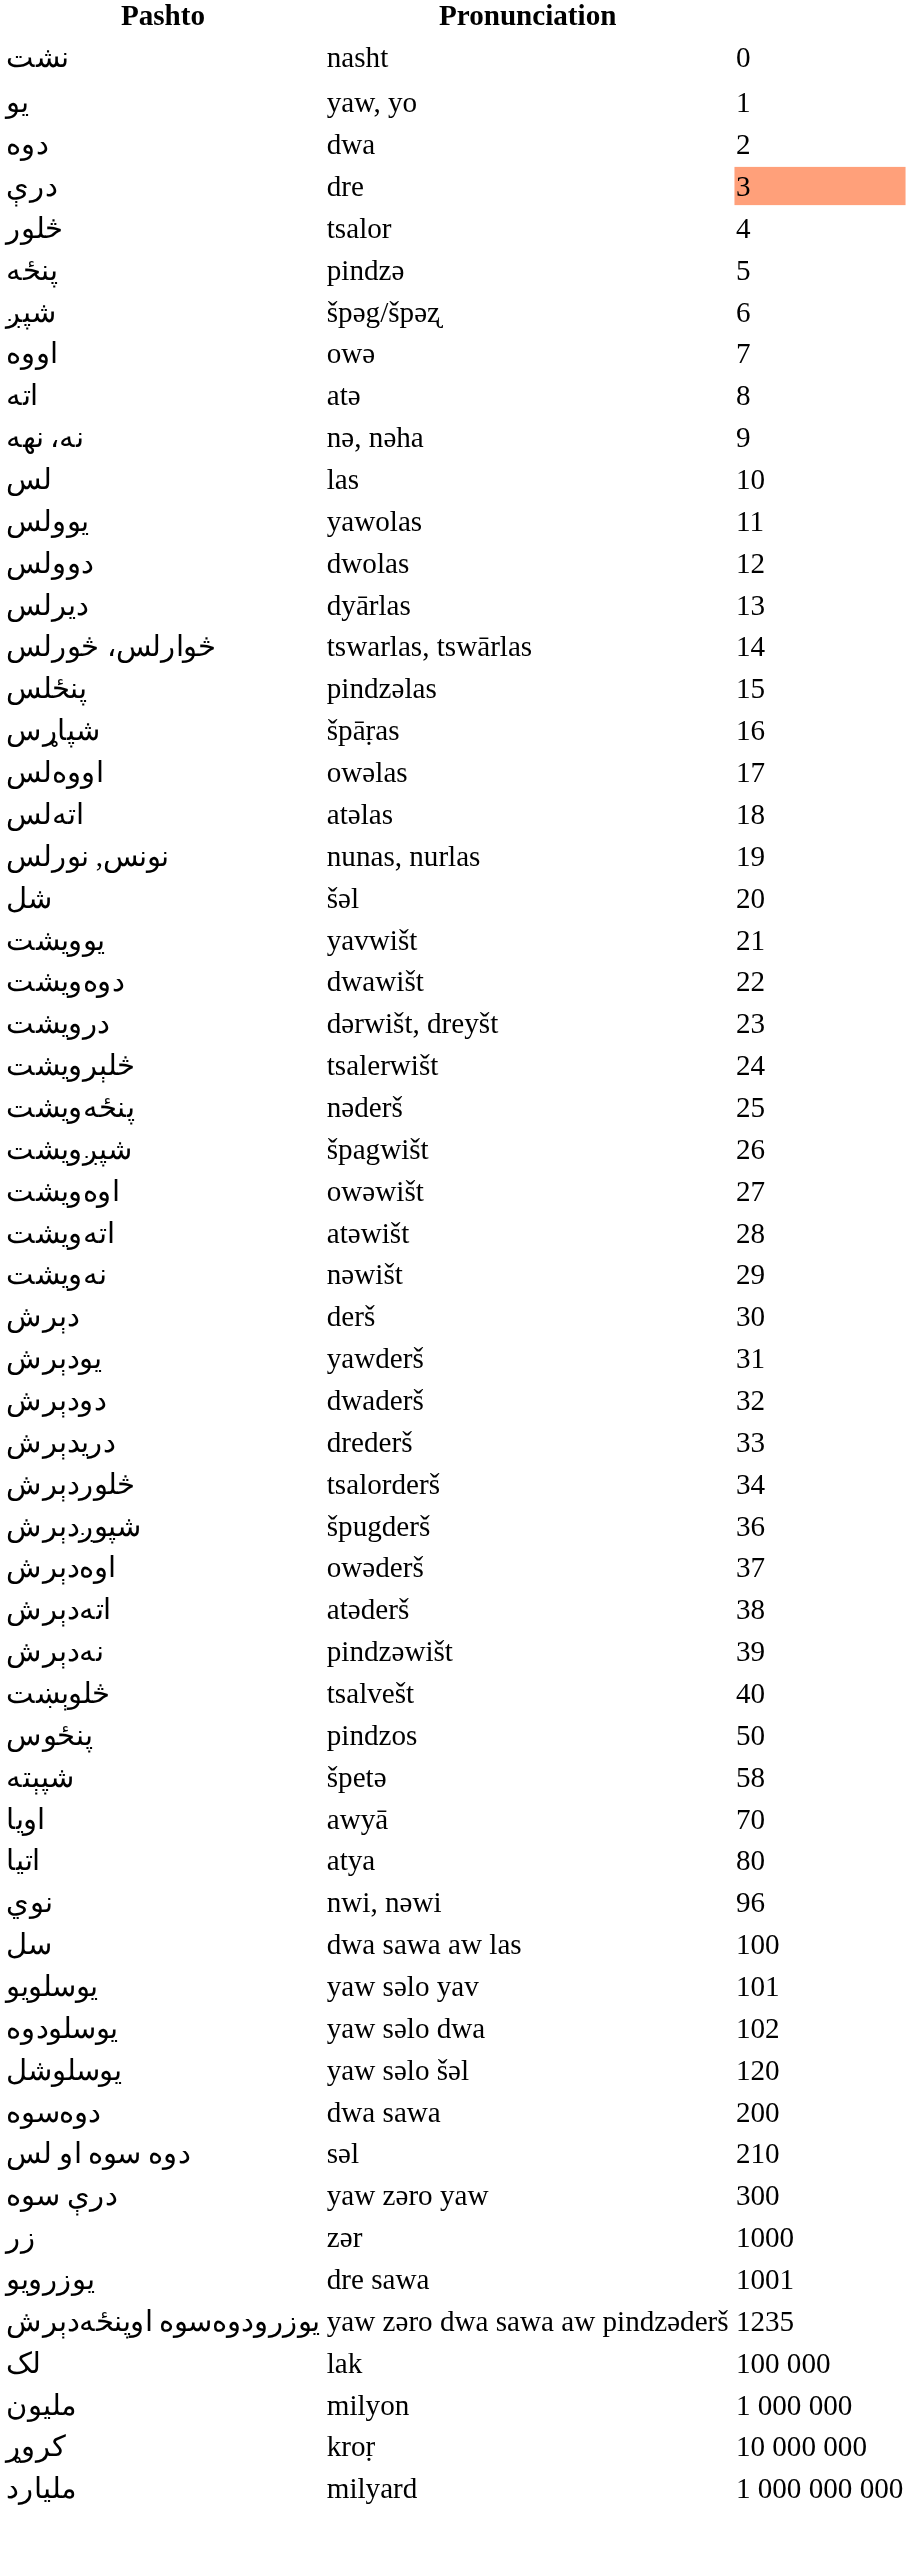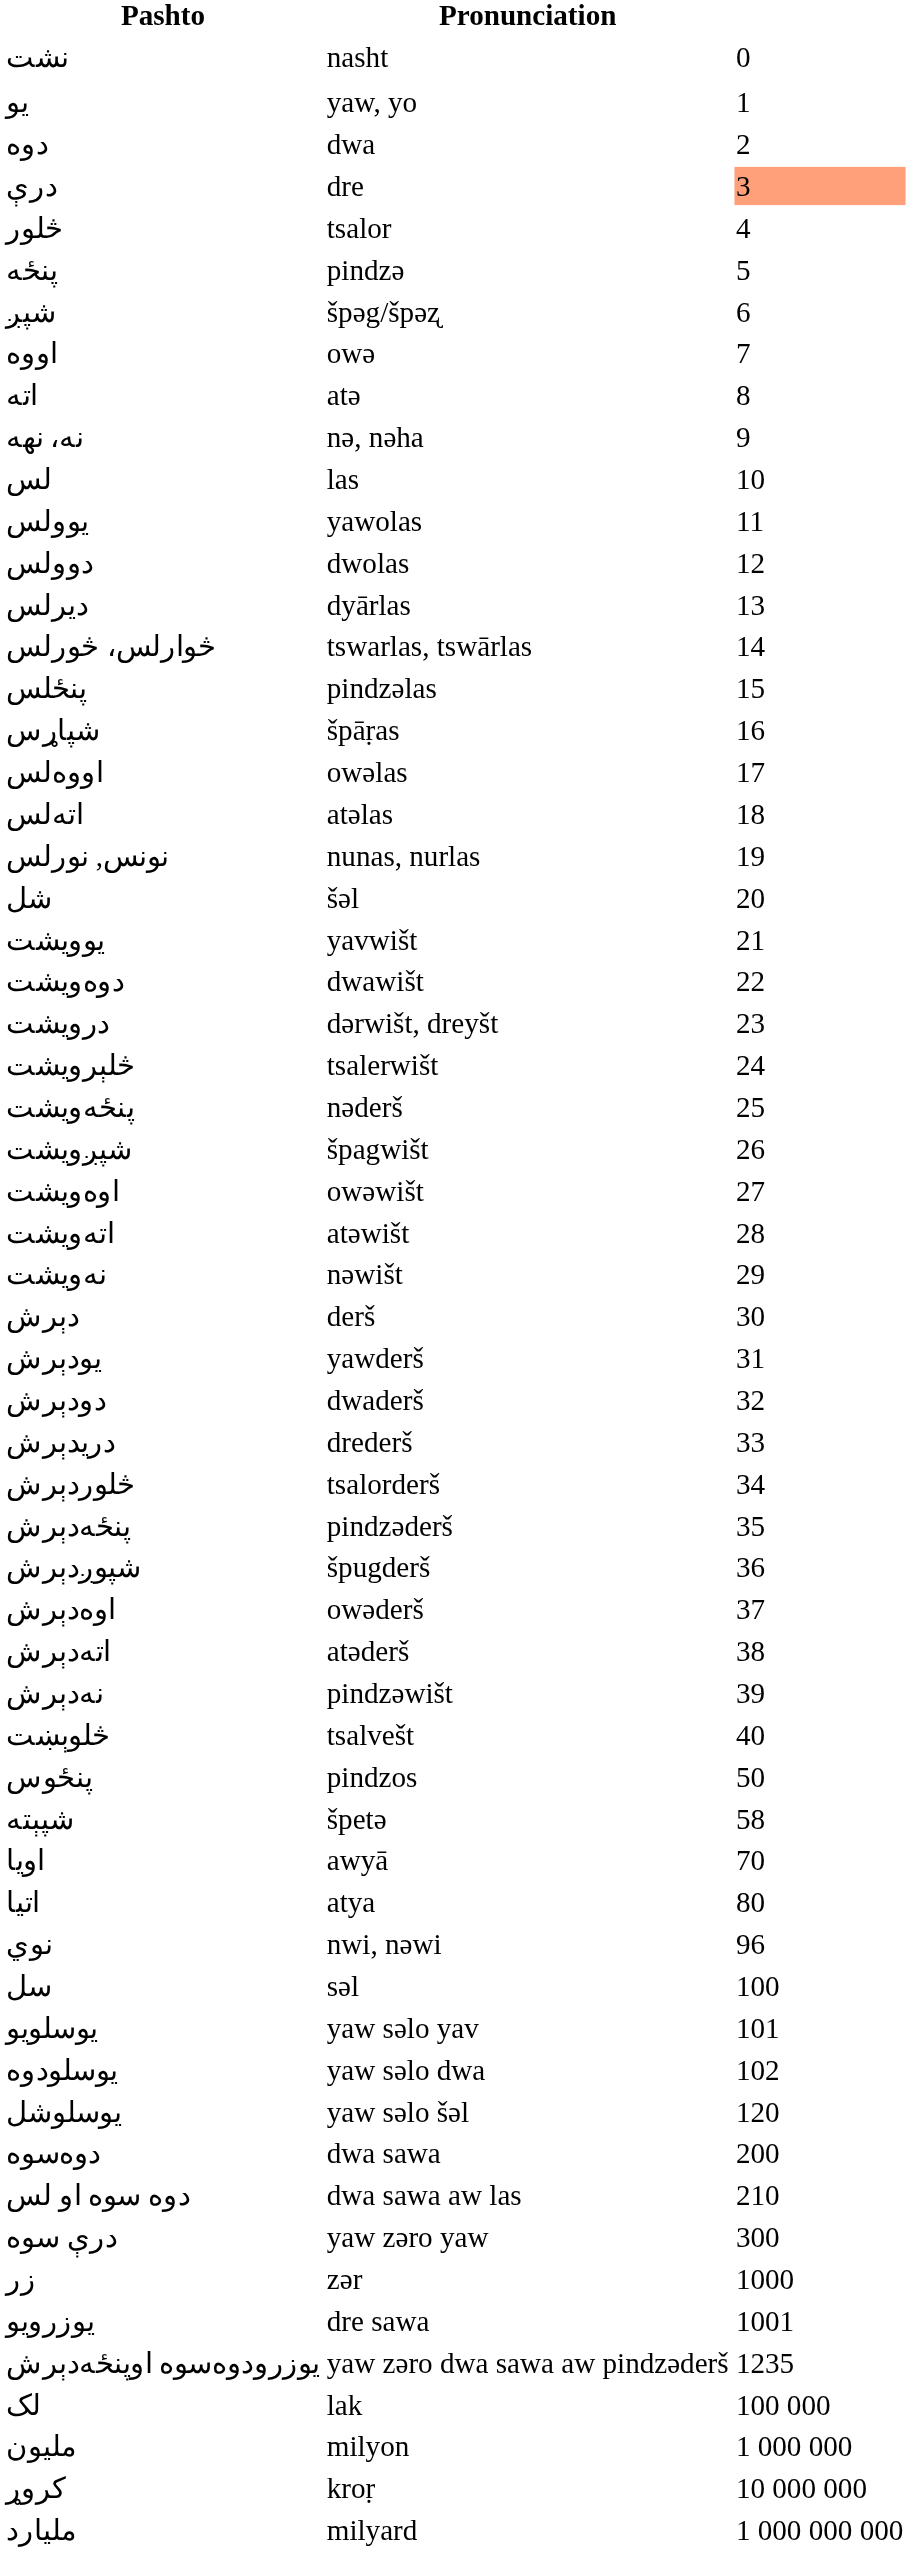 <table class="standard">
 <tr>
 <th>Pashto</th>
 <th>Pronunciation</th>
 <th></th>
 </tr>
 <tr>
 <td>نشت</td>
 <td>nasht</td>
 <td>0</td>
 </tr>
 <tr>
 </tr>
 <tr>
 <td>یو</td>
 <td>yaw, yo</td>
 <td>1</td>
 </tr>
 <tr>
 <td>دوه</td>
 <td>dwa</td>
 <td>2</td>
 </tr>
 <tr>
 <td>درې</td>
 <td>dre</td>
 <td style="background: lightsalmon;">3</td>
 </tr>
 <tr>
 <td>څلور</td>
 <td>tsalor</td>
 <td>4</td>
 </tr>
 <tr>
 <td>پنځه</td>
 <td>pindzə</td>
 <td>5</td>
 </tr>
 <tr>
 <td>شپږ</td>
 <td>špəg/špəʐ</td>
 <td>6</td>
 </tr>
 <tr>
 <td>اووه</td>
 <td>owə</td>
 <td>7</td>
 </tr>
 <tr>
 <td>اته</td>
 <td>atə</td>
 <td>8</td>
 </tr>
 <tr>
 <td>نه، نهه</td>
 <td>nə, nəha</td>
 <td>9</td>
 </tr>
 <tr>
 <td>لس</td>
 <td>las</td>
 <td>10</td>
 </tr>
 <tr>
 <td>یوولس</td>
 <td>yawolas</td>
 <td>11</td>
 </tr>
 <tr>
 <td>دوولس</td>
 <td>dwolas</td>
 <td>12</td>
 </tr>
 <tr>
 <td>دیرلس</td>
 <td>dyārlas</td>
 <td>13</td>
 </tr>
 <tr>
 <td>څوارلس، څورلس</td>
 <td>tswarlas, tswārlas</td>
 <td>14</td>
 </tr>
 <tr>
 <td>پنځلس</td>
 <td>pindzəlas</td>
 <td>15</td>
 </tr>
 <tr>
 <td>شپاړس</td>
 <td>špāṛas</td>
 <td>16</td>
 </tr>
 <tr>
 <td>اووه‌لس</td>
 <td>owəlas</td>
 <td>17</td>
 </tr>
 <tr>
 <td>اته‌لس</td>
 <td>atəlas</td>
 <td>18</td>
 </tr>
 <tr>
 <td>نونس, نورلس</td>
 <td>nunas, nurlas</td>
 <td>19</td>
 </tr>
 <tr>
 <td>شل</td>
 <td>šəl</td>
 <td>20</td>
 </tr>
 <tr>
 <td>یوویشت</td>
 <td>yavwišt</td>
 <td>21</td>
 </tr>
 <tr>
 <td>دوه‌ویشت</td>
 <td>dwawišt</td>
 <td>22</td>
 </tr>
 <tr>
 <td>درویشت</td>
 <td>dərwišt, dreyšt</td>
 <td>23</td>
 </tr>
 <tr>
 <td>څلېرویشت</td>
 <td>tsalerwišt</td>
 <td>24</td>
 </tr>
 <tr>
 <td>پنځه‌ویشت</td>
 <td>nəderš</td>
 <td>25</td>
 </tr>
 <tr>
 <td>شپږویشت</td>
 <td>špagwišt</td>
 <td>26</td>
 </tr>
 <tr>
 <td>اوه‌ویشت</td>
 <td>owəwišt</td>
 <td>27</td>
 </tr>
 <tr>
 <td>اته‌ویشت</td>
 <td>atəwišt</td>
 <td>28</td>
 </tr>
 <tr>
 <td>نه‌ویشت</td>
 <td>nəwišt</td>
 <td>29</td>
 </tr>
 <tr>
 <td>دېرش</td>
 <td>derš</td>
 <td>30</td>
 </tr>
 <tr>
 <td>یودېرش</td>
 <td>yawderš</td>
 <td>31</td>
 </tr>
 <tr>
 <td>دودېرش</td>
 <td>dwaderš</td>
 <td>32</td>
 </tr>
 <tr>
 <td>دریدېرش</td>
 <td>drederš</td>
 <td>33</td>
 </tr>
 <tr>
 <td>څلوردېرش</td>
 <td>tsalorderš</td>
 <td>34</td>
 </tr>
 <tr>
+<td>پنځه‌دېرش</td>
+<td>pindzəderš</td>
+<td>35</td>
+</tr>
+<tr>
 <td>شپوږدېرش</td>
 <td>špugderš</td>
 <td>36</td>
 </tr>
 <tr>
 <td>اوه‌دېرش</td>
 <td>owəderš</td>
 <td>37</td>
 </tr>
 <tr>
 <td>اته‌دېرش</td>
 <td>atəderš</td>
 <td>38</td>
 </tr>
 <tr>
 <td>نه‌دېرش</td>
 <td>pindzəwišt</td>
 <td>39</td>
 </tr>
 <tr>
 <td>څلوېښت</td>
 <td>tsalvešt</td>
 <td>40</td>
 </tr>
 <tr>
 <td>پنځوس</td>
 <td>pindzos</td>
 <td>50</td>
 </tr>
 <tr>
 <td>شپېته</td>
 <td>špetə</td>
 <td>58</td>
 </tr>
 <tr>
 <td>اویا</td>
 <td>awyā</td>
 <td>70</td>
 </tr>
 <tr>
 <td>اتیا</td>
 <td>atya</td>
 <td>80</td>
 </tr>
 <tr>
 <td>نوي</td>
 <td>nwi, nəwi</td>
 <td>96</td>
 </tr>
 <tr>
 <td>سل</td>
-<td>dwa sawa aw las</td>
+<td>səl</td>
 <td>100</td>
 </tr>
 <tr>
 <td>یوسلویو</td>
 <td>yaw səlo yav</td>
 <td>101</td>
 </tr>
 <tr>
 <td>یوسلودوه</td>
 <td>yaw səlo dwa</td>
 <td>102</td>
 </tr>
 <tr>
 <td>یوسلوشل</td>
 <td>yaw səlo šəl</td>
 <td>120</td>
 </tr>
 <tr>
 <td>دوه‌سوه</td>
 <td>dwa sawa</td>
 <td>200</td>
 </tr>
 <tr>
 <td>دوه سوه او لس</td>
-<td>səl</td>
+<td>dwa sawa aw las</td>
 <td>210</td>
 </tr>
 <tr>
 <td>درې سوه</td>
 <td>yaw zəro yaw</td>
 <td>300</td>
 </tr>
 <tr>
 <td>زر</td>
 <td>zər</td>
 <td>1000</td>
 </tr>
 <tr>
 <td>یوزرویو</td>
 <td>dre sawa</td>
 <td>1001</td>
 </tr>
 <tr>
 <td>یوزرودوه‌سوه اوپنځه‌دېرش</td>
 <td>yaw zəro dwa sawa aw pindzəderš</td>
 <td>1235</td>
 </tr>
 <tr>
 <td>لک</td>
 <td>lak</td>
 <td>100 000</td>
 </tr>
 <tr>
 <td>ملیون</td>
 <td>milyon</td>
 <td>1 000 000</td>
 </tr>
 <tr>
 <td>کروړ</td>
 <td>kroṛ</td>
 <td>10 000 000</td>
 </tr>
 <tr>
 <td>ملیارد</td>
 <td>milyard</td>
 <td>1 000 000 000</td>
 </tr>
 </table>
